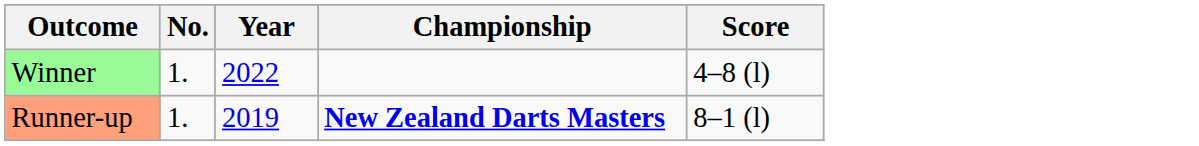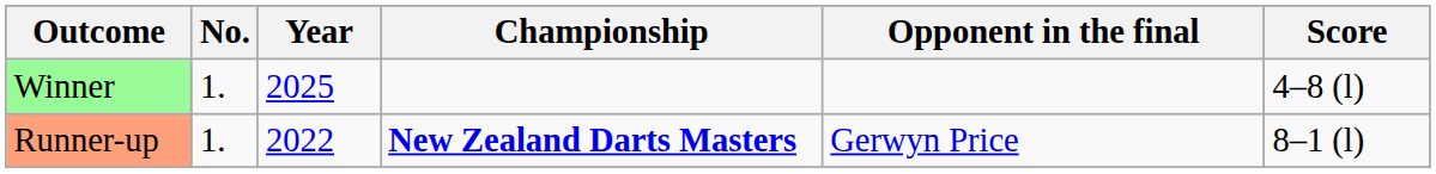 <table class="sortable wikitable">
 <tr>
 <th style="width:80px;">Outcome</th>
 <th style="width:20px;">No.</th>
 <th style="width:50px;">Year</th>
 <th style="width:200px;">Championship</th>
+<th style="width:200px;">Opponent in the final</th>
 <th style="width:70px;">Score</th>
 </tr>
 <tr style=>
 <td style="background:#98FB98">Winner</td>
 <td>1.</td>
-<td><a href='#'>2022</a></td>
+<td><a href='#'>2025</a></td>
+<td></td>
 <td></td>
 <td>4–8 (l)</td>
 </tr>
 <tr>
 <td style="background:#ffa07a">Runner-up</td>
 <td>1.</td>
-<td><a href='#'>2019</a></td>
+<td><a href='#'>2022</a></td>
 <td><strong><a href='#'>New Zealand Darts Masters</a></strong></td>
+<td> <a href='#'>Gerwyn Price</a></td>
 <td>8–1 (l)</td>
 </tr>
 </table>
